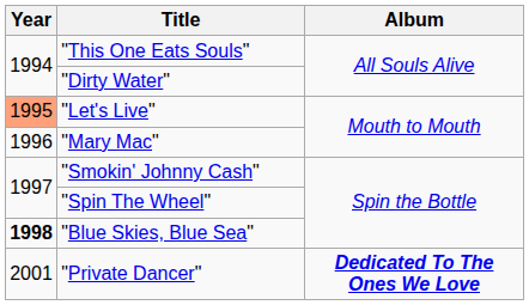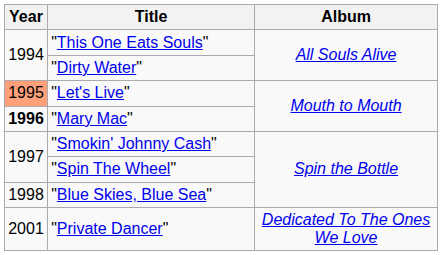 <table class="wikitable">
 <tr>
 <th width="33">Year</th>
 <th width="200">Title</th>
 <th width="175">Album</th>
 </tr>
 <tr>
 <td rowspan="2" align="center">1994</td>
 <td>"<a href='#'>This One Eats Souls</a>"</td>
 <td rowspan="2" align="center"><em><a href='#'>All Souls Alive</a></em></td>
 </tr>
 <tr>
 <td>"<a href='#'>Dirty Water</a>"</td>
 </tr>
 <tr>
 <td style="background: lightsalmon;">1995</td>
 <td>"<a href='#'>Let's Live</a>"</td>
 <td rowspan="2" align="center"><em><a href='#'>Mouth to Mouth</a></em></td>
 </tr>
 <tr>
-<td>1996</td>
+<td><strong>1996</strong></td>
 <td>"<a href='#'>Mary Mac</a>"</td>
 </tr>
 <tr>
 <td rowspan="2">1997</td>
 <td>"<a href='#'>Smokin' Johnny Cash</a>"</td>
 <td rowspan="3" align="center"><em><a href='#'>Spin the Bottle</a></em></td>
 </tr>
 <tr>
 <td>"<a href='#'>Spin The Wheel</a>"</td>
 </tr>
 <tr>
-<td><strong>1998</strong></td>
+<td>1998</td>
 <td>"<a href='#'>Blue Skies, Blue Sea</a>"</td>
 </tr>
 <tr>
 <td>2001</td>
 <td>"<a href='#'>Private Dancer</a>"</td>
-<td align="center"><strong><em><a href='#'>Dedicated To The Ones We Love</a></em></strong></td>
+<td align="center"><em><a href='#'>Dedicated To The Ones We Love</a></em></td>
 </tr>
 <tr>
 </tr>
 </table>
